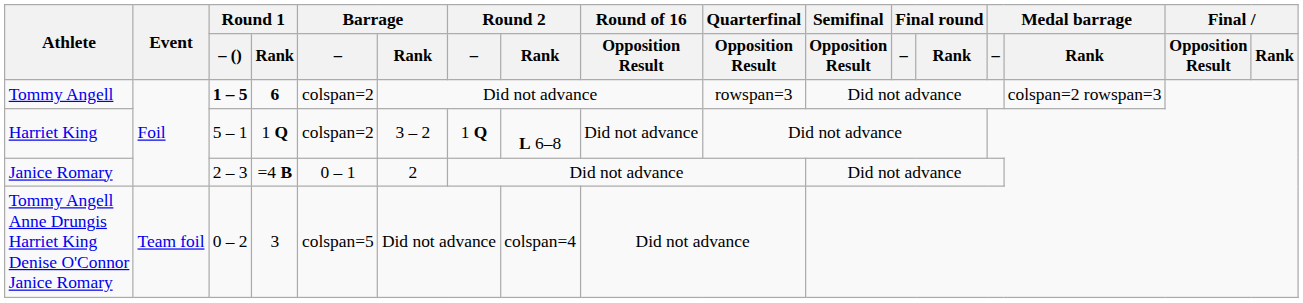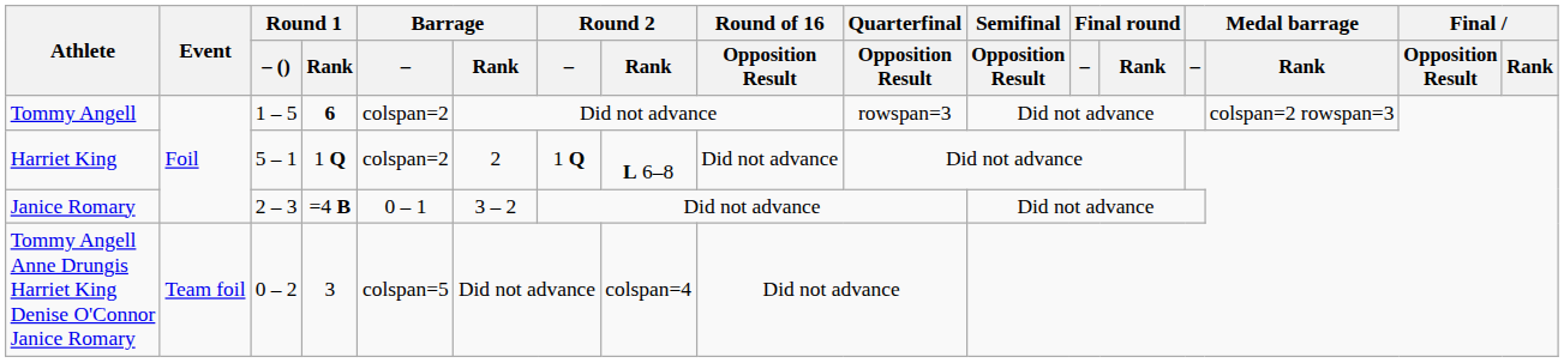 <table class=wikitable style=font-size:90%;text-align:center>
 <tr>
 <th rowspan=2>Athlete</th>
 <th rowspan=2>Event</th>
 <th colspan=2>Round 1</th>
 <th colspan=2>Barrage</th>
 <th colspan=2>Round 2</th>
 <th>Round of 16</th>
 <th>Quarterfinal</th>
 <th>Semifinal</th>
 <th colspan=2>Final round</th>
 <th colspan=2>Medal barrage</th>
 <th colspan=2>Final / </th>
 </tr>
 <tr style=font-size:95%>
 <th> –  ()</th>
 <th>Rank</th>
 <th> – </th>
 <th>Rank</th>
 <th> – </th>
 <th>Rank</th>
 <th>Opposition<br>Result</th>
 <th>Opposition<br>Result</th>
 <th>Opposition<br>Result</th>
 <th> – </th>
 <th>Rank</th>
 <th> – </th>
 <th>Rank</th>
 <th>Opposition<br>Result</th>
 <th>Rank</th>
 </tr>
 <tr>
 <td align=left><a href='#'>Tommy Angell</a></td>
 <td align=left rowspan=3><a href='#'>Foil</a></td>
-<td><strong>1 – 5</strong></td>
+<td>1 – 5</td>
 <td><strong>6</strong></td>
 <td>colspan=2 </td>
 <td colspan=4>Did not advance</td>
 <td>rowspan=3 </td>
 <td colspan=4>Did not advance</td>
 <td>colspan=2 rowspan=3 </td>
 </tr>
 <tr>
 <td align=left><a href='#'>Harriet King</a></td>
 <td>5 – 1</td>
 <td>1 <strong>Q</strong></td>
 <td>colspan=2 </td>
-<td>3 – 2</td>
+<td>2</td>
 <td>1 <strong>Q</strong></td>
 <td><br><strong>L</strong> 6–8</td>
 <td>Did not advance</td>
 <td colspan=4>Did not advance</td>
 </tr>
 <tr>
 <td align=left><a href='#'>Janice Romary</a></td>
 <td>2 – 3</td>
 <td>=4 <strong>B</strong></td>
 <td>0 – 1</td>
-<td>2</td>
+<td>3 – 2</td>
 <td colspan=4>Did not advance</td>
 <td colspan=4>Did not advance</td>
 </tr>
 <tr>
 <td align=left><a href='#'>Tommy Angell</a><br><a href='#'>Anne Drungis</a><br><a href='#'>Harriet King</a><br><a href='#'>Denise O'Connor</a><br><a href='#'>Janice Romary</a></td>
 <td align=left><a href='#'>Team foil</a></td>
 <td>0 – 2</td>
 <td>3</td>
 <td>colspan=5 </td>
 <td colspan=2>Did not advance</td>
 <td>colspan=4 </td>
 <td colspan=2>Did not advance</td>
 </tr>
 </table>
